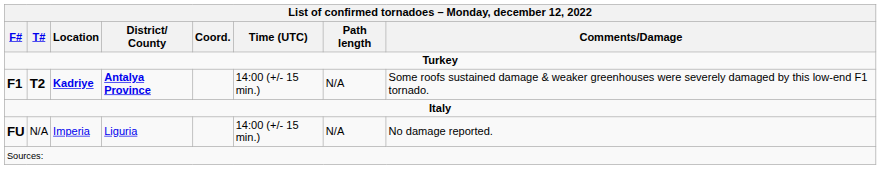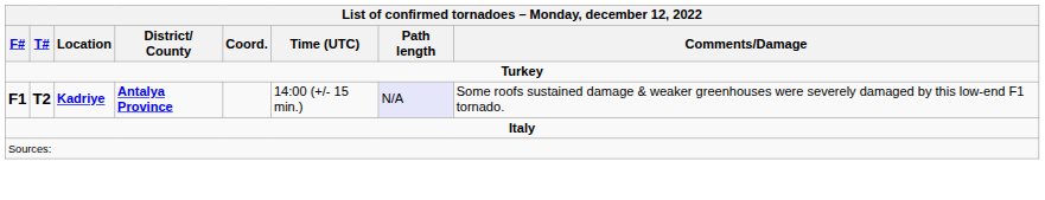 <table class="wikitable collapsible" width="100%">
 <tr>
 <th colspan="8">List of confirmed tornadoes – Monday, december 12, 2022</th>
 </tr>
 <tr>
 <th><a href='#'>F#</a></th>
 <th><a href='#'>T#</a></th>
 <th>Location</th>
 <th>District/<br>County</th>
 <th>Coord.</th>
 <th>Time (UTC)</th>
 <th>Path length</th>
 <th>Comments/Damage</th>
 </tr>
 <tr>
 <td colspan="8" align=center><strong>Turkey</strong></td>
 </tr>
 <tr>
 <td><big><strong>F1</strong></big></td>
 <td><big><strong>T2</strong></big></td>
 <td><strong><a href='#'>Kadriye</a></strong></td>
 <td><strong><a href='#'>Antalya Province</a></strong></td>
 <td></td>
 <td>14:00 (+/- 15 min.)</td>
-<td>N/A</td>
+<td style="background: lavender;">N/A</td>
 <td>Some roofs sustained damage & weaker greenhouses were severely damaged by this low-end F1 tornado.</td>
 </tr>
 <tr>
 <td colspan="8" align=center><strong>Italy</strong></td>
 </tr>
 <tr>
-<td><big><strong>FU</strong></big></td>
-<td>N/A</td>
-<td><a href='#'>Imperia</a></td>
-<td><a href='#'>Liguria</a></td>
-<td></td>
-<td>14:00 (+/- 15 min.)</td>
-<td>N/A</td>
-<td>No damage reported.</td>
-</tr>
-<tr>
 <td colspan="8"><small>Sources:  </small></td>
 </tr>
 </table>
